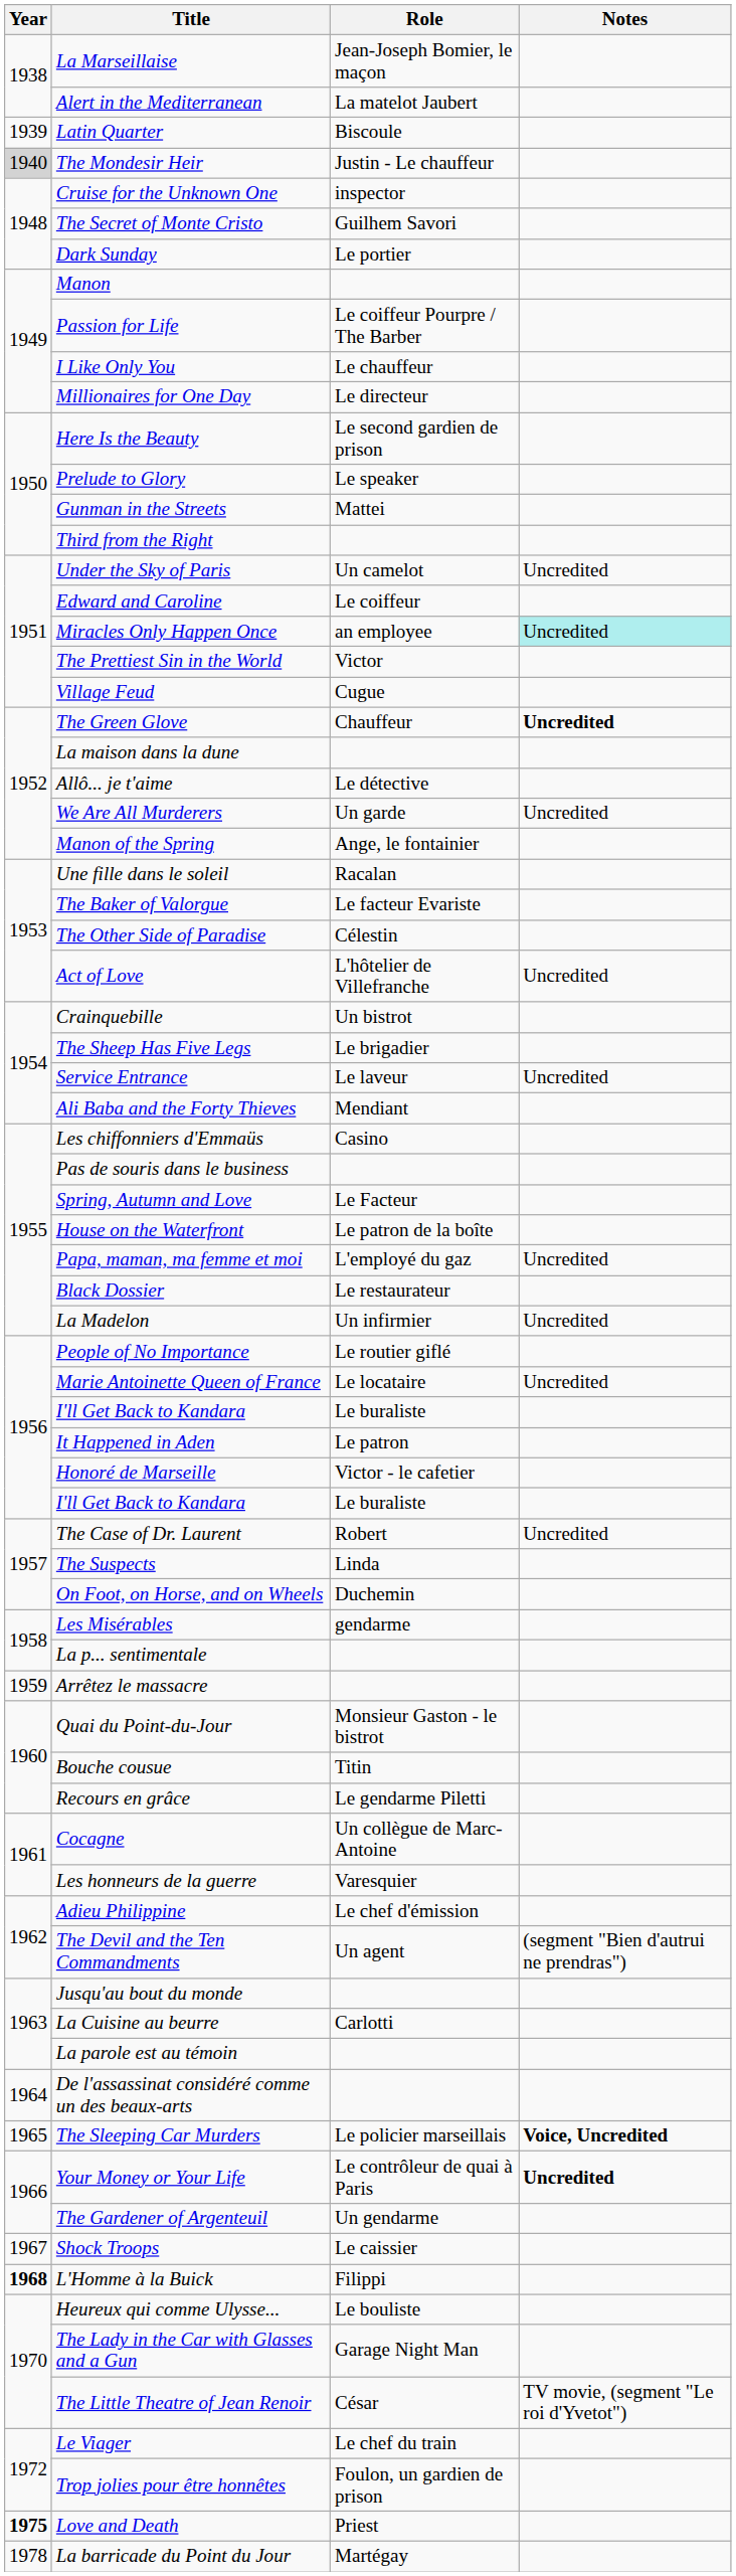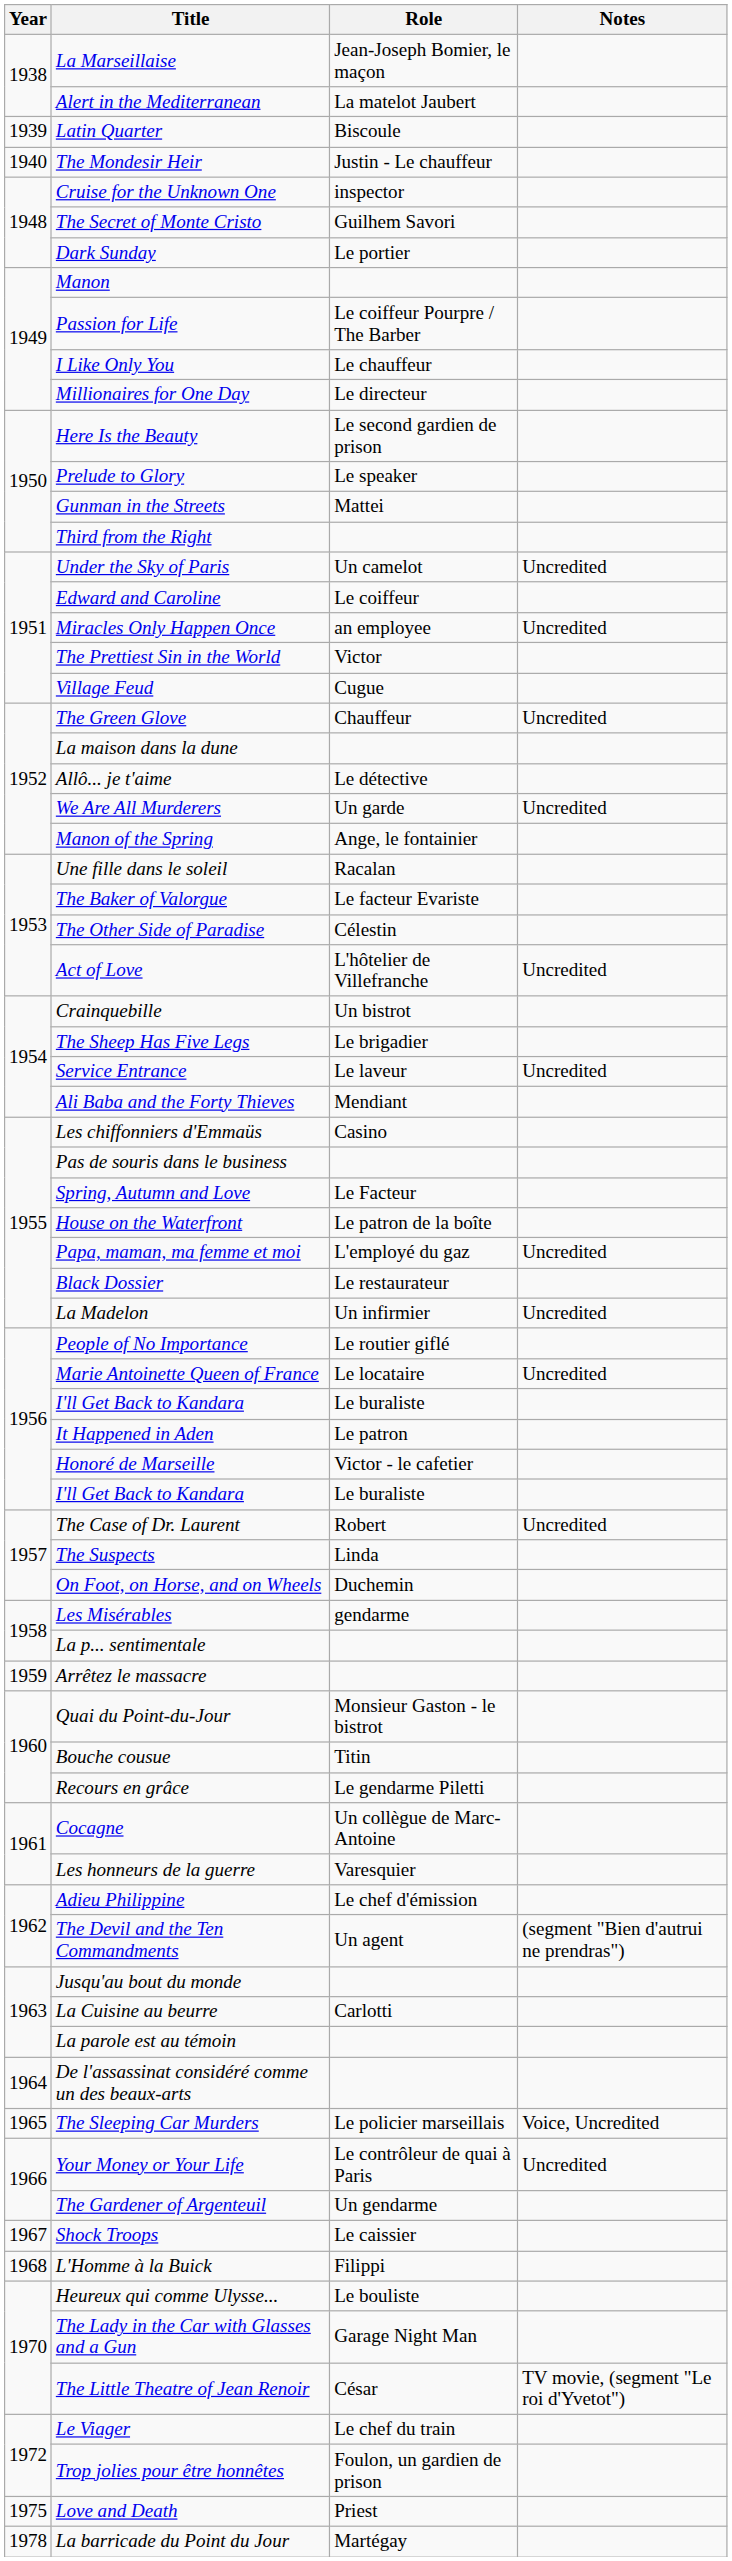 <table class="wikitable sortable">
 <tr>
 <th>Year</th>
 <th>Title</th>
 <th>Role</th>
 <th class="unsortable">Notes</th>
 </tr>
 <tr>
 <td rowspan="2">1938</td>
 <td><em><a href='#'>La Marseillaise</a></em></td>
 <td>Jean-Joseph Bomier, le maçon</td>
 <td></td>
 </tr>
 <tr>
 <td><em><a href='#'>Alert in the Mediterranean</a></em></td>
 <td>La matelot Jaubert</td>
 <td></td>
 </tr>
 <tr>
 <td>1939</td>
 <td><em><a href='#'>Latin Quarter</a></em></td>
 <td>Biscoule</td>
 <td></td>
 </tr>
 <tr>
-<td style="background: lightgrey;">1940</td>
+<td>1940</td>
 <td><em><a href='#'>The Mondesir Heir</a></em></td>
 <td>Justin - Le chauffeur</td>
 <td></td>
 </tr>
 <tr>
 <td rowspan="3">1948</td>
 <td><em><a href='#'>Cruise for the Unknown One</a></em></td>
 <td>inspector</td>
 <td></td>
 </tr>
 <tr>
 <td><em><a href='#'>The Secret of Monte Cristo</a></em></td>
 <td>Guilhem Savori</td>
 <td></td>
 </tr>
 <tr>
 <td><em><a href='#'>Dark Sunday</a></em></td>
 <td>Le portier</td>
 <td></td>
 </tr>
 <tr>
 <td rowspan="4">1949</td>
 <td><em><a href='#'>Manon</a></em></td>
 <td></td>
 <td></td>
 </tr>
 <tr>
 <td><em><a href='#'>Passion for Life</a></em></td>
 <td>Le coiffeur Pourpre / The Barber</td>
 <td></td>
 </tr>
 <tr>
 <td><em><a href='#'>I Like Only You</a></em></td>
 <td>Le chauffeur</td>
 <td></td>
 </tr>
 <tr>
 <td><em><a href='#'>Millionaires for One Day</a></em></td>
 <td>Le directeur</td>
 <td></td>
 </tr>
 <tr>
 <td rowspan="4">1950</td>
 <td><em><a href='#'>Here Is the Beauty</a></em></td>
 <td>Le second gardien de prison</td>
 <td></td>
 </tr>
 <tr>
 <td><em><a href='#'>Prelude to Glory</a></em></td>
 <td>Le speaker</td>
 <td></td>
 </tr>
 <tr>
 <td><em><a href='#'>Gunman in the Streets</a></em></td>
 <td>Mattei</td>
 <td></td>
 </tr>
 <tr>
 <td><em><a href='#'>Third from the Right</a></em></td>
 <td></td>
 <td></td>
 </tr>
 <tr>
 <td rowspan="5">1951</td>
 <td><em><a href='#'>Under the Sky of Paris</a></em></td>
 <td>Un camelot</td>
 <td>Uncredited</td>
 </tr>
 <tr>
 <td><em><a href='#'>Edward and Caroline</a></em></td>
 <td>Le coiffeur</td>
 <td></td>
 </tr>
 <tr>
 <td><em><a href='#'>Miracles Only Happen Once</a></em></td>
 <td>an employee</td>
-<td style="background: paleturquoise;">Uncredited</td>
+<td>Uncredited</td>
 </tr>
 <tr>
 <td><em><a href='#'>The Prettiest Sin in the World</a></em></td>
 <td>Victor</td>
 <td></td>
 </tr>
 <tr>
 <td><em><a href='#'>Village Feud</a></em></td>
 <td>Cugue</td>
 <td></td>
 </tr>
 <tr>
 <td rowspan="5">1952</td>
 <td><em><a href='#'>The Green Glove</a></em></td>
 <td>Chauffeur</td>
-<td><strong>Uncredited</strong></td>
+<td>Uncredited</td>
 </tr>
 <tr>
 <td><em>La maison dans la dune</em></td>
 <td></td>
 <td></td>
 </tr>
 <tr>
 <td><em>Allô... je t'aime</em></td>
 <td>Le détective</td>
 <td></td>
 </tr>
 <tr>
 <td><em><a href='#'>We Are All Murderers</a></em></td>
 <td>Un garde</td>
 <td>Uncredited</td>
 </tr>
 <tr>
 <td><em><a href='#'>Manon of the Spring</a></em></td>
 <td>Ange, le fontainier</td>
 <td></td>
 </tr>
 <tr>
 <td rowspan="4">1953</td>
 <td><em>Une fille dans le soleil</em></td>
 <td>Racalan</td>
 <td></td>
 </tr>
 <tr>
 <td><em><a href='#'>The Baker of Valorgue</a></em></td>
 <td>Le facteur Evariste</td>
 <td></td>
 </tr>
 <tr>
 <td><em><a href='#'>The Other Side of Paradise</a></em></td>
 <td>Célestin</td>
 <td></td>
 </tr>
 <tr>
 <td><em><a href='#'>Act of Love</a></em></td>
 <td>L'hôtelier de Villefranche</td>
 <td>Uncredited</td>
 </tr>
 <tr>
 <td rowspan="4">1954</td>
 <td><em>Crainquebille</em></td>
 <td>Un bistrot</td>
 <td></td>
 </tr>
 <tr>
 <td><em><a href='#'>The Sheep Has Five Legs</a></em></td>
 <td>Le brigadier</td>
 <td></td>
 </tr>
 <tr>
 <td><em><a href='#'>Service Entrance</a></em></td>
 <td>Le laveur</td>
 <td>Uncredited</td>
 </tr>
 <tr>
 <td><em><a href='#'>Ali Baba and the Forty Thieves</a></em></td>
 <td>Mendiant</td>
 <td></td>
 </tr>
 <tr>
 <td rowspan="7">1955</td>
 <td><em>Les chiffonniers d'Emmaüs</em></td>
 <td>Casino</td>
 <td></td>
 </tr>
 <tr>
 <td><em>Pas de souris dans le business</em></td>
 <td></td>
 <td></td>
 </tr>
 <tr>
 <td><em><a href='#'>Spring, Autumn and Love</a></em></td>
 <td>Le Facteur</td>
 <td></td>
 </tr>
 <tr>
 <td><em><a href='#'>House on the Waterfront</a></em></td>
 <td>Le patron de la boîte</td>
 <td></td>
 </tr>
 <tr>
 <td><em><a href='#'>Papa, maman, ma femme et moi</a></em></td>
 <td>L'employé du gaz</td>
 <td>Uncredited</td>
 </tr>
 <tr>
 <td><em><a href='#'>Black Dossier</a></em></td>
 <td>Le restaurateur</td>
 <td></td>
 </tr>
 <tr>
 <td><em>La Madelon</em></td>
 <td>Un infirmier</td>
 <td>Uncredited</td>
 </tr>
 <tr>
 <td rowspan="6">1956</td>
 <td><em><a href='#'>People of No Importance</a></em></td>
 <td>Le routier giflé</td>
 <td></td>
 </tr>
 <tr>
 <td><em><a href='#'>Marie Antoinette Queen of France</a></em></td>
 <td>Le locataire</td>
 <td>Uncredited</td>
 </tr>
 <tr>
 <td><em><a href='#'>I'll Get Back to Kandara</a></em></td>
 <td>Le buraliste</td>
 <td></td>
 </tr>
 <tr>
 <td><em><a href='#'>It Happened in Aden</a></em></td>
 <td>Le patron</td>
 <td></td>
 </tr>
 <tr>
 <td><em><a href='#'>Honoré de Marseille</a></em></td>
 <td>Victor - le cafetier</td>
 <td></td>
 </tr>
 <tr>
 <td><em><a href='#'>I'll Get Back to Kandara</a></em></td>
 <td>Le buraliste</td>
 <td></td>
 </tr>
 <tr>
 <td rowspan="3">1957</td>
 <td><em>The Case of Dr. Laurent</em></td>
 <td>Robert</td>
 <td>Uncredited</td>
 </tr>
 <tr>
 <td><em><a href='#'>The Suspects</a></em></td>
 <td>Linda</td>
 <td></td>
 </tr>
 <tr>
 <td><em><a href='#'>On Foot, on Horse, and on Wheels</a></em></td>
 <td>Duchemin</td>
 <td></td>
 </tr>
 <tr>
 <td rowspan="2">1958</td>
 <td><em><a href='#'>Les Misérables</a></em></td>
 <td>gendarme</td>
 <td></td>
 </tr>
 <tr>
 <td><em>La p... sentimentale</em></td>
 <td></td>
 <td></td>
 </tr>
 <tr>
 <td>1959</td>
 <td><em>Arrêtez le massacre</em></td>
 <td></td>
 <td></td>
 </tr>
 <tr>
 <td rowspan="3">1960</td>
 <td><em>Quai du Point-du-Jour</em></td>
 <td>Monsieur Gaston - le bistrot</td>
 <td></td>
 </tr>
 <tr>
 <td><em>Bouche cousue</em></td>
 <td>Titin</td>
 <td></td>
 </tr>
 <tr>
 <td><em>Recours en grâce</em></td>
 <td>Le gendarme Piletti</td>
 <td></td>
 </tr>
 <tr>
 <td rowspan="2">1961</td>
 <td><em><a href='#'>Cocagne</a></em></td>
 <td>Un collègue de Marc-Antoine</td>
 <td></td>
 </tr>
 <tr>
 <td><em>Les honneurs de la guerre</em></td>
 <td>Varesquier</td>
 <td></td>
 </tr>
 <tr>
 <td rowspan="2">1962</td>
 <td><em><a href='#'>Adieu Philippine</a></em></td>
 <td>Le chef d'émission</td>
 <td></td>
 </tr>
 <tr>
 <td><em><a href='#'>The Devil and the Ten Commandments</a></em></td>
 <td>Un agent</td>
 <td>(segment "Bien d'autrui ne prendras")</td>
 </tr>
 <tr>
 <td rowspan="3">1963</td>
 <td><em>Jusqu'au bout du monde</em></td>
 <td></td>
 <td></td>
 </tr>
 <tr>
 <td><em>La Cuisine au beurre</em></td>
 <td>Carlotti</td>
 <td></td>
 </tr>
 <tr>
 <td><em>La parole est au témoin</em></td>
 <td></td>
 <td></td>
 </tr>
 <tr>
 <td>1964</td>
 <td><em>De l'assassinat considéré comme un des beaux-arts</em></td>
 <td></td>
 <td></td>
 </tr>
 <tr>
 <td>1965</td>
 <td><em><a href='#'>The Sleeping Car Murders</a></em></td>
 <td>Le policier marseillais</td>
-<td><strong>Voice, Uncredited</strong></td>
+<td>Voice, Uncredited</td>
 </tr>
 <tr>
 <td rowspan="2">1966</td>
 <td><em><a href='#'>Your Money or Your Life</a></em></td>
 <td>Le contrôleur de quai à Paris</td>
-<td><strong>Uncredited</strong></td>
+<td>Uncredited</td>
 </tr>
 <tr>
 <td><em><a href='#'>The Gardener of Argenteuil</a></em></td>
 <td>Un gendarme</td>
 <td></td>
 </tr>
 <tr>
 <td>1967</td>
 <td><em><a href='#'>Shock Troops</a></em></td>
 <td>Le caissier</td>
 <td></td>
 </tr>
 <tr>
-<td><strong>1968</strong></td>
+<td>1968</td>
 <td><em>L'Homme à la Buick</em></td>
 <td>Filippi</td>
 <td></td>
 </tr>
 <tr>
 <td rowspan="3">1970</td>
 <td><em>Heureux qui comme Ulysse...</em></td>
 <td>Le bouliste</td>
 <td></td>
 </tr>
 <tr>
 <td><em><a href='#'>The Lady in the Car with Glasses and a Gun</a></em></td>
 <td>Garage Night Man</td>
 <td></td>
 </tr>
 <tr>
 <td><em><a href='#'>The Little Theatre of Jean Renoir</a></em></td>
 <td>César</td>
 <td>TV movie, (segment "Le roi d'Yvetot")</td>
 </tr>
 <tr>
 <td rowspan="2">1972</td>
 <td><em><a href='#'>Le Viager</a></em></td>
 <td>Le chef du train</td>
 <td></td>
 </tr>
 <tr>
 <td><em><a href='#'>Trop jolies pour être honnêtes</a></em></td>
 <td>Foulon, un gardien de prison</td>
 <td></td>
 </tr>
 <tr>
-<td><strong>1975</strong></td>
+<td>1975</td>
 <td><em><a href='#'>Love and Death</a></em></td>
 <td>Priest</td>
 <td></td>
 </tr>
 <tr>
 <td>1978</td>
 <td><em>La barricade du Point du Jour</em></td>
 <td>Martégay</td>
 <td></td>
 </tr>
 </table>
